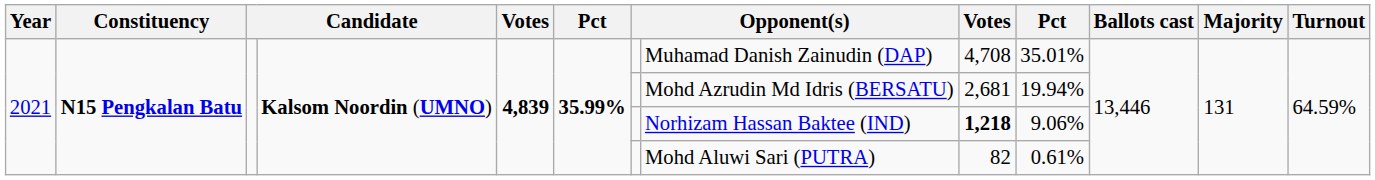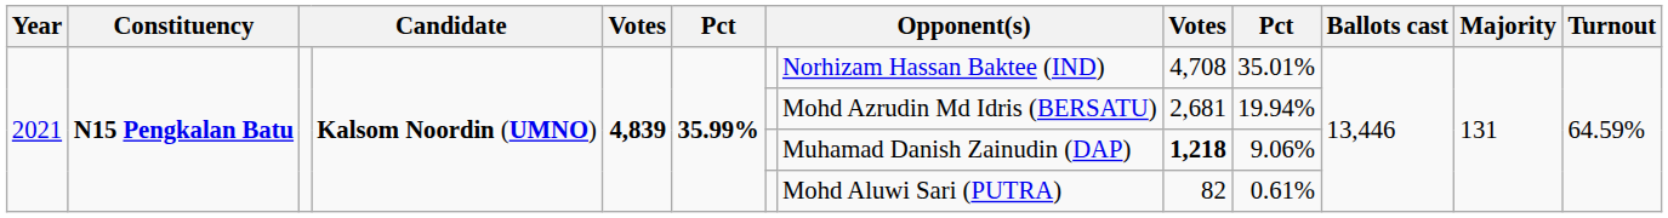 <table class="wikitable" style="margin:0.5em ; font-size:95%">
 <tr>
 <th>Year</th>
 <th>Constituency</th>
 <th colspan=2>Candidate</th>
 <th>Votes</th>
 <th>Pct</th>
 <th colspan=2>Opponent(s)</th>
 <th>Votes</th>
 <th>Pct</th>
 <th>Ballots cast</th>
 <th>Majority</th>
 <th>Turnout</th>
 </tr>
 <tr>
 <td rowspan="4"><a href='#'>2021</a></td>
 <td rowspan=4><strong>N15 <a href='#'>Pengkalan Batu</a></strong></td>
 <td rowspan="4" ></td>
 <td rowspan="4"><strong>Kalsom Noordin</strong> (<a href='#'><strong>UMNO</strong></a>)</td>
 <td rowspan="4" align="right"><strong>4,839</strong></td>
 <td rowspan="4"><strong>35.99%</strong></td>
 <td></td>
-<td>Muhamad Danish Zainudin (<a href='#'>DAP</a>)</td>
+<td><a href='#'>Norhizam Hassan Baktee</a> (<a href='#'>IND</a>)</td>
 <td align="right">4,708</td>
 <td>35.01%</td>
 <td rowspan=4>13,446</td>
 <td rowspan=4>131</td>
 <td rowspan=4>64.59%</td>
 </tr>
 <tr>
 <td></td>
 <td>Mohd Azrudin Md Idris (<a href='#'>BERSATU</a>)</td>
 <td align="right">2,681</td>
 <td>19.94%</td>
 </tr>
 <tr>
 <td></td>
-<td><a href='#'>Norhizam Hassan Baktee</a> (<a href='#'>IND</a>)</td>
+<td>Muhamad Danish Zainudin (<a href='#'>DAP</a>)</td>
 <td align="right"><strong>1,218</strong></td>
 <td align="right">9.06%</td>
 </tr>
 <tr>
 <td></td>
 <td>Mohd Aluwi Sari (<a href='#'>PUTRA</a>)</td>
 <td align="right">82</td>
 <td align="right">0.61%</td>
 </tr>
 </table>
